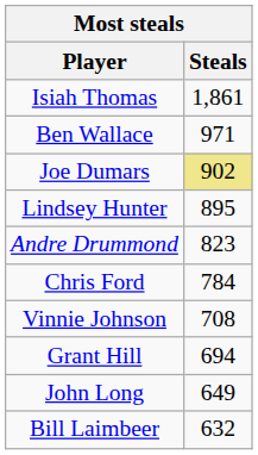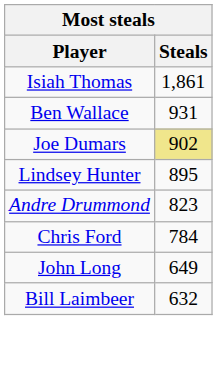 <table class="wikitable sortable" style="text-align:center">
 <tr>
 <th colspan="2" style="text-align:center; ">Most steals</th>
 </tr>
 <tr>
 <th style="text-align:center; ">Player</th>
 <th style="text-align:center; ">Steals</th>
 </tr>
 <tr>
 <td><a href='#'>Isiah Thomas</a></td>
 <td>1,861</td>
 </tr>
 <tr>
 <td><a href='#'>Ben Wallace</a></td>
-<td>971</td>
+<td>931</td>
 </tr>
 <tr>
 <td><a href='#'>Joe Dumars</a></td>
 <td style="background: khaki;">902</td>
 </tr>
 <tr>
 <td><a href='#'>Lindsey Hunter</a></td>
 <td>895</td>
 </tr>
 <tr>
 <td><em><a href='#'>Andre Drummond</a></em></td>
 <td>823</td>
 </tr>
 <tr>
 <td><a href='#'>Chris Ford</a></td>
 <td>784</td>
 </tr>
 <tr>
-<td><a href='#'>Vinnie Johnson</a></td>
-<td>708</td>
-</tr>
-<tr>
-<td><a href='#'>Grant Hill</a></td>
-<td>694</td>
-</tr>
-<tr>
 <td><a href='#'>John Long</a></td>
 <td>649</td>
 </tr>
 <tr>
 <td><a href='#'>Bill Laimbeer</a></td>
 <td>632</td>
 </tr>
 </table>
